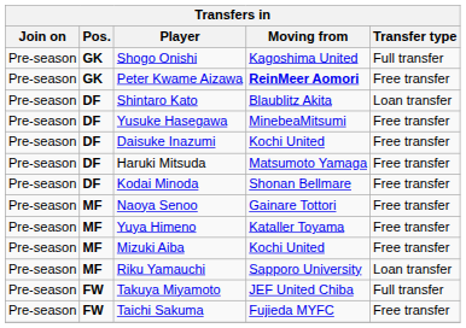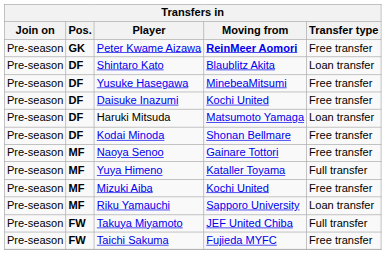 <table class="wikitable sortable" style=“text-align:left;>
 <tr>
 <th colspan="5">Transfers in</th>
 </tr>
 <tr>
 <th>Join on</th>
 <th>Pos.</th>
 <th>Player</th>
 <th>Moving from</th>
 <th>Transfer type</th>
-</tr>
-<tr>
-<td>Pre-season</td>
-<td><strong>GK</strong></td>
-<td> <a href='#'>Shogo Onishi</a></td>
-<td> <a href='#'>Kagoshima United</a></td>
-<td>Full transfer</td>
 </tr>
 <tr>
 <td>Pre-season</td>
 <td><strong>GK</strong></td>
 <td> <a href='#'>Peter Kwame Aizawa</a></td>
 <td><strong> <a href='#'>ReinMeer Aomori</a></strong></td>
 <td>Free transfer</td>
 </tr>
 <tr>
 <td>Pre-season</td>
 <td><strong>DF</strong></td>
 <td> <a href='#'>Shintaro Kato</a></td>
 <td> <a href='#'>Blaublitz Akita</a></td>
 <td>Loan transfer</td>
 </tr>
 <tr>
 <td>Pre-season</td>
 <td><strong>DF</strong></td>
 <td> <a href='#'>Yusuke Hasegawa</a></td>
 <td> <a href='#'>MinebeaMitsumi</a></td>
 <td>Free transfer</td>
 </tr>
 <tr>
 <td>Pre-season</td>
 <td><strong>DF</strong></td>
 <td> <a href='#'>Daisuke Inazumi</a></td>
 <td> <a href='#'>Kochi United</a></td>
 <td>Free transfer</td>
 </tr>
 <tr>
 <td>Pre-season</td>
 <td><strong>DF</strong></td>
 <td> Haruki Mitsuda</td>
 <td> <a href='#'>Matsumoto Yamaga</a></td>
-<td>Free transfer</td>
+<td>Loan transfer</td>
 </tr>
 <tr>
 <td>Pre-season</td>
 <td><strong>DF</strong></td>
 <td> <a href='#'>Kodai Minoda</a></td>
 <td> <a href='#'>Shonan Bellmare</a></td>
 <td>Free transfer</td>
 </tr>
 <tr>
 <td>Pre-season</td>
 <td><strong>MF</strong></td>
 <td> <a href='#'>Naoya Senoo</a></td>
 <td> <a href='#'>Gainare Tottori</a></td>
 <td>Free transfer</td>
 </tr>
 <tr>
 <td>Pre-season</td>
 <td><strong>MF</strong></td>
 <td> <a href='#'>Yuya Himeno</a></td>
 <td> <a href='#'>Kataller Toyama</a></td>
-<td>Free transfer</td>
+<td>Full transfer</td>
 </tr>
 <tr>
 <td>Pre-season</td>
 <td><strong>MF</strong></td>
 <td> <a href='#'>Mizuki Aiba</a></td>
 <td> <a href='#'>Kochi United</a></td>
 <td>Free transfer</td>
 </tr>
 <tr>
 <td>Pre-season</td>
 <td><strong>MF</strong></td>
 <td> <a href='#'>Riku Yamauchi</a></td>
 <td> <a href='#'>Sapporo University</a></td>
 <td>Loan transfer</td>
 </tr>
 <tr>
 <td>Pre-season</td>
 <td><strong>FW</strong></td>
 <td> <a href='#'>Takuya Miyamoto</a></td>
 <td> <a href='#'>JEF United Chiba</a></td>
 <td>Full transfer</td>
 </tr>
 <tr>
 <td>Pre-season</td>
 <td><strong>FW</strong></td>
 <td> <a href='#'>Taichi Sakuma</a></td>
 <td> <a href='#'>Fujieda MYFC</a></td>
 <td>Free transfer</td>
 </tr>
 <tr>
 </tr>
 </table>
